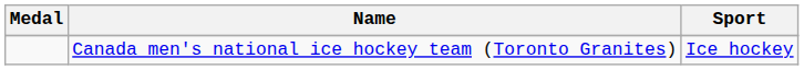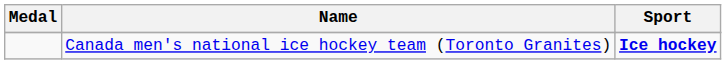 <table class="wikitable sortable" style="font-size:90%">
 <tr>
 <th>Medal</th>
 <th>Name</th>
 <th>Sport</th>
 </tr>
 <tr>
 </tr>
 <tr>
 <td></td>
 <td><a href='#'>Canada men's national ice hockey team</a> (<a href='#'>Toronto Granites</a>)<br></td>
-<td><a href='#'>Ice hockey</a></td>
+<td><strong><a href='#'>Ice hockey</a></strong></td>
 </tr>
 </table>
